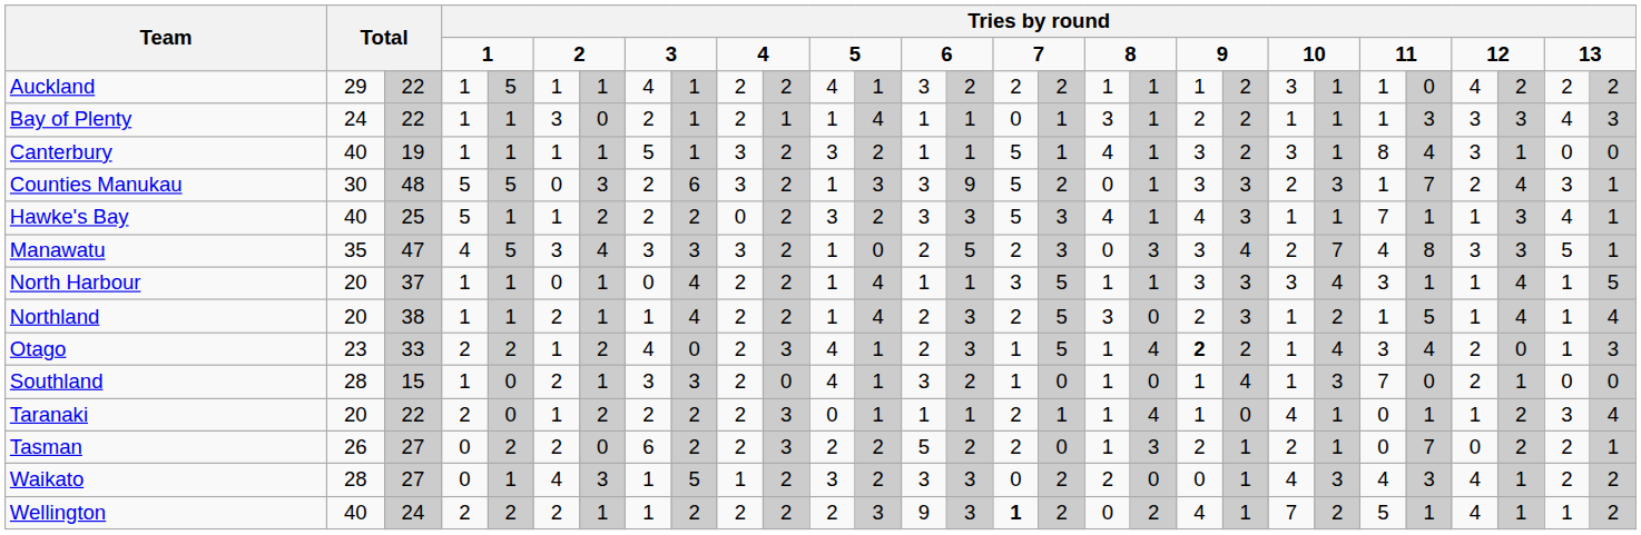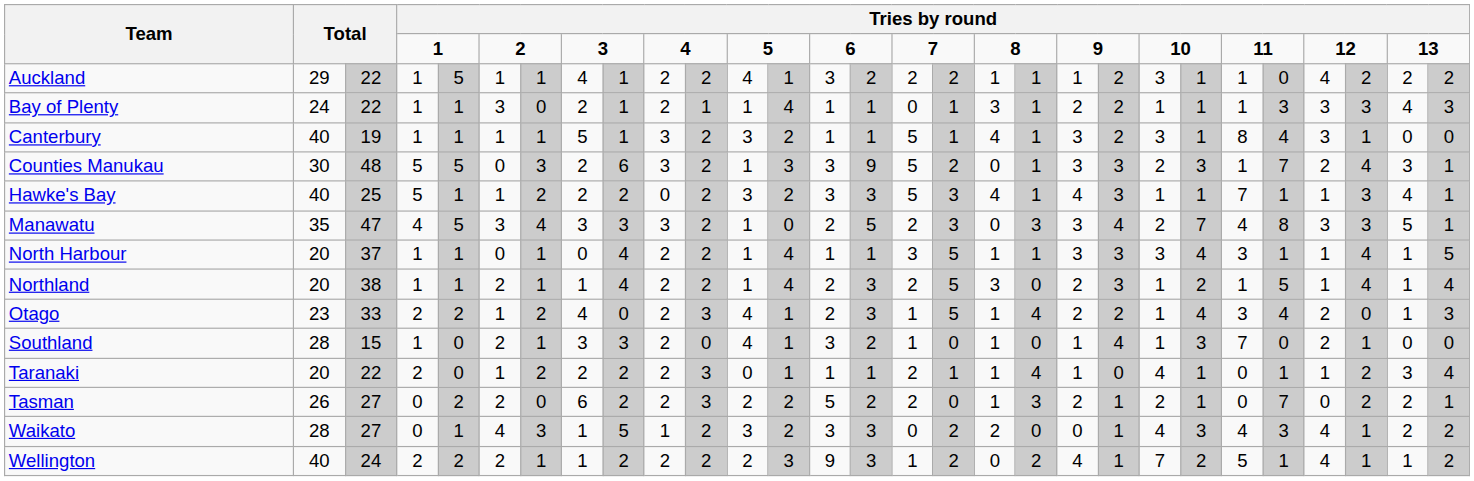 <table class="wikitable" style="text-align:center" width=100%>
 <tr>
 <th rowspan=2 width=14%>Team</th>
 <th rowspan=2 colspan=2 width=5%>Total</th>
 <th colspan=26>Tries by round</th>
 </tr>
 <tr>
 <td width=4% colspan=2><strong>1</strong></td>
 <td width=4% colspan=2><strong>2</strong></td>
 <td width=4% colspan=2><strong>3</strong></td>
 <td width=4% colspan=2><strong>4</strong></td>
 <td width=4% colspan=2><strong>5</strong></td>
 <td width=4% colspan=2><strong>6</strong></td>
 <td width=4% colspan=2><strong>7</strong></td>
 <td width=4% colspan=2><strong>8</strong></td>
 <td width=4% colspan=2><strong>9</strong></td>
 <td width=4% colspan=2><strong>10</strong></td>
 <td width=4% colspan=2><strong>11</strong></td>
 <td width=4% colspan=2><strong>12</strong></td>
 <td width=4% colspan=2><strong>13</strong></td>
 </tr>
 <tr>
 <td align=left><a href='#'>Auckland</a></td>
 <td>29</td>
 <td bgcolor=#cccccc>22</td>
 <td>1</td>
 <td bgcolor=#cccccc>5</td>
 <td>1</td>
 <td bgcolor=#cccccc>1</td>
 <td>4</td>
 <td bgcolor=#cccccc>1</td>
 <td>2</td>
 <td bgcolor=#cccccc>2</td>
 <td>4</td>
 <td bgcolor=#cccccc>1</td>
 <td>3</td>
 <td bgcolor=#cccccc>2</td>
 <td>2</td>
 <td bgcolor=#cccccc>2</td>
 <td>1</td>
 <td bgcolor=#cccccc>1</td>
 <td>1</td>
 <td bgcolor=#cccccc>2</td>
 <td>3</td>
 <td bgcolor=#cccccc>1</td>
 <td>1</td>
 <td bgcolor=#cccccc>0</td>
 <td>4</td>
 <td bgcolor=#cccccc>2</td>
 <td>2</td>
 <td bgcolor=#cccccc>2</td>
 </tr>
 <tr>
 <td align=left><a href='#'>Bay of Plenty</a></td>
 <td>24</td>
 <td bgcolor=#cccccc>22</td>
 <td>1</td>
 <td bgcolor=#cccccc>1</td>
 <td>3</td>
 <td bgcolor=#cccccc>0</td>
 <td>2</td>
 <td bgcolor=#cccccc>1</td>
 <td>2</td>
 <td bgcolor=#cccccc>1</td>
 <td>1</td>
 <td bgcolor=#cccccc>4</td>
 <td>1</td>
 <td bgcolor=#cccccc>1</td>
 <td>0</td>
 <td bgcolor=#cccccc>1</td>
 <td>3</td>
 <td bgcolor=#cccccc>1</td>
 <td>2</td>
 <td bgcolor=#cccccc>2</td>
 <td>1</td>
 <td bgcolor=#cccccc>1</td>
 <td>1</td>
 <td bgcolor=#cccccc>3</td>
 <td>3</td>
 <td bgcolor=#cccccc>3</td>
 <td>4</td>
 <td bgcolor=#cccccc>3</td>
 </tr>
 <tr>
 <td align=left><a href='#'>Canterbury</a></td>
 <td>40</td>
 <td bgcolor=#cccccc>19</td>
 <td>1</td>
 <td bgcolor=#cccccc>1</td>
 <td>1</td>
 <td bgcolor=#cccccc>1</td>
 <td>5</td>
 <td bgcolor=#cccccc>1</td>
 <td>3</td>
 <td bgcolor=#cccccc>2</td>
 <td>3</td>
 <td bgcolor=#cccccc>2</td>
 <td>1</td>
 <td bgcolor=#cccccc>1</td>
 <td>5</td>
 <td bgcolor=#cccccc>1</td>
 <td>4</td>
 <td bgcolor=#cccccc>1</td>
 <td>3</td>
 <td bgcolor=#cccccc>2</td>
 <td>3</td>
 <td bgcolor=#cccccc>1</td>
 <td>8</td>
 <td bgcolor=#cccccc>4</td>
 <td>3</td>
 <td bgcolor=#cccccc>1</td>
 <td>0</td>
 <td bgcolor=#cccccc>0</td>
 </tr>
 <tr>
 <td align=left><a href='#'>Counties Manukau</a></td>
 <td>30</td>
 <td bgcolor=#cccccc>48</td>
 <td>5</td>
 <td bgcolor=#cccccc>5</td>
 <td>0</td>
 <td bgcolor=#cccccc>3</td>
 <td>2</td>
 <td bgcolor=#cccccc>6</td>
 <td>3</td>
 <td bgcolor=#cccccc>2</td>
 <td>1</td>
 <td bgcolor=#cccccc>3</td>
 <td>3</td>
 <td bgcolor=#cccccc>9</td>
 <td>5</td>
 <td bgcolor=#cccccc>2</td>
 <td>0</td>
 <td bgcolor=#cccccc>1</td>
 <td>3</td>
 <td bgcolor=#cccccc>3</td>
 <td>2</td>
 <td bgcolor=#cccccc>3</td>
 <td>1</td>
 <td bgcolor=#cccccc>7</td>
 <td>2</td>
 <td bgcolor=#cccccc>4</td>
 <td>3</td>
 <td bgcolor=#cccccc>1</td>
 </tr>
 <tr>
 <td align=left><a href='#'>Hawke's Bay</a></td>
 <td>40</td>
 <td bgcolor=#cccccc>25</td>
 <td>5</td>
 <td bgcolor=#cccccc>1</td>
 <td>1</td>
 <td bgcolor=#cccccc>2</td>
 <td>2</td>
 <td bgcolor=#cccccc>2</td>
 <td>0</td>
 <td bgcolor=#cccccc>2</td>
 <td>3</td>
 <td bgcolor=#cccccc>2</td>
 <td>3</td>
 <td bgcolor=#cccccc>3</td>
 <td>5</td>
 <td bgcolor=#cccccc>3</td>
 <td>4</td>
 <td bgcolor=#cccccc>1</td>
 <td>4</td>
 <td bgcolor=#cccccc>3</td>
 <td>1</td>
 <td bgcolor=#cccccc>1</td>
 <td>7</td>
 <td bgcolor=#cccccc>1</td>
 <td>1</td>
 <td bgcolor=#cccccc>3</td>
 <td>4</td>
 <td bgcolor=#cccccc>1</td>
 </tr>
 <tr>
 <td align=left><a href='#'>Manawatu</a></td>
 <td>35</td>
 <td bgcolor=#cccccc>47</td>
 <td>4</td>
 <td bgcolor=#cccccc>5</td>
 <td>3</td>
 <td bgcolor=#cccccc>4</td>
 <td>3</td>
 <td bgcolor=#cccccc>3</td>
 <td>3</td>
 <td bgcolor=#cccccc>2</td>
 <td>1</td>
 <td bgcolor=#cccccc>0</td>
 <td>2</td>
 <td bgcolor=#cccccc>5</td>
 <td>2</td>
 <td bgcolor=#cccccc>3</td>
 <td>0</td>
 <td bgcolor=#cccccc>3</td>
 <td>3</td>
 <td bgcolor=#cccccc>4</td>
 <td>2</td>
 <td bgcolor=#cccccc>7</td>
 <td>4</td>
 <td bgcolor=#cccccc>8</td>
 <td>3</td>
 <td bgcolor=#cccccc>3</td>
 <td>5</td>
 <td bgcolor=#cccccc>1</td>
 </tr>
 <tr>
 <td align=left><a href='#'>North Harbour</a></td>
 <td>20</td>
 <td bgcolor=#cccccc>37</td>
 <td>1</td>
 <td bgcolor=#cccccc>1</td>
 <td>0</td>
 <td bgcolor=#cccccc>1</td>
 <td>0</td>
 <td bgcolor=#cccccc>4</td>
 <td>2</td>
 <td bgcolor=#cccccc>2</td>
 <td>1</td>
 <td bgcolor=#cccccc>4</td>
 <td>1</td>
 <td bgcolor=#cccccc>1</td>
 <td>3</td>
 <td bgcolor=#cccccc>5</td>
 <td>1</td>
 <td bgcolor=#cccccc>1</td>
 <td>3</td>
 <td bgcolor=#cccccc>3</td>
 <td>3</td>
 <td bgcolor=#cccccc>4</td>
 <td>3</td>
 <td bgcolor=#cccccc>1</td>
 <td>1</td>
 <td bgcolor=#cccccc>4</td>
 <td>1</td>
 <td bgcolor=#cccccc>5</td>
 </tr>
 <tr>
 <td align=left><a href='#'>Northland</a></td>
 <td>20</td>
 <td bgcolor=#cccccc>38</td>
 <td>1</td>
 <td bgcolor=#cccccc>1</td>
 <td>2</td>
 <td bgcolor=#cccccc>1</td>
 <td>1</td>
 <td bgcolor=#cccccc>4</td>
 <td>2</td>
 <td bgcolor=#cccccc>2</td>
 <td>1</td>
 <td bgcolor=#cccccc>4</td>
 <td>2</td>
 <td bgcolor=#cccccc>3</td>
 <td>2</td>
 <td bgcolor=#cccccc>5</td>
 <td>3</td>
 <td bgcolor=#cccccc>0</td>
 <td>2</td>
 <td bgcolor=#cccccc>3</td>
 <td>1</td>
 <td bgcolor=#cccccc>2</td>
 <td>1</td>
 <td bgcolor=#cccccc>5</td>
 <td>1</td>
 <td bgcolor=#cccccc>4</td>
 <td>1</td>
 <td bgcolor=#cccccc>4</td>
 </tr>
 <tr>
 <td align=left><a href='#'>Otago</a></td>
 <td>23</td>
 <td bgcolor=#cccccc>33</td>
 <td>2</td>
 <td bgcolor=#cccccc>2</td>
 <td>1</td>
 <td bgcolor=#cccccc>2</td>
 <td>4</td>
 <td bgcolor=#cccccc>0</td>
 <td>2</td>
 <td bgcolor=#cccccc>3</td>
 <td>4</td>
 <td bgcolor=#cccccc>1</td>
 <td>2</td>
 <td bgcolor=#cccccc>3</td>
 <td>1</td>
 <td bgcolor=#cccccc>5</td>
 <td>1</td>
 <td bgcolor=#cccccc>4</td>
-<td><strong>2</strong></td>
+<td>2</td>
 <td bgcolor=#cccccc>2</td>
 <td>1</td>
 <td bgcolor=#cccccc>4</td>
 <td>3</td>
 <td bgcolor=#cccccc>4</td>
 <td>2</td>
 <td bgcolor=#cccccc>0</td>
 <td>1</td>
 <td bgcolor=#cccccc>3</td>
 </tr>
 <tr>
 <td align=left><a href='#'>Southland</a></td>
 <td>28</td>
 <td bgcolor=#cccccc>15</td>
 <td>1</td>
 <td bgcolor=#cccccc>0</td>
 <td>2</td>
 <td bgcolor=#cccccc>1</td>
 <td>3</td>
 <td bgcolor=#cccccc>3</td>
 <td>2</td>
 <td bgcolor=#cccccc>0</td>
 <td>4</td>
 <td bgcolor=#cccccc>1</td>
 <td>3</td>
 <td bgcolor=#cccccc>2</td>
 <td>1</td>
 <td bgcolor=#cccccc>0</td>
 <td>1</td>
 <td bgcolor=#cccccc>0</td>
 <td>1</td>
 <td bgcolor=#cccccc>4</td>
 <td>1</td>
 <td bgcolor=#cccccc>3</td>
 <td>7</td>
 <td bgcolor=#cccccc>0</td>
 <td>2</td>
 <td bgcolor=#cccccc>1</td>
 <td>0</td>
 <td bgcolor=#cccccc>0</td>
 </tr>
 <tr>
 <td align=left><a href='#'>Taranaki</a></td>
 <td>20</td>
 <td bgcolor=#cccccc>22</td>
 <td>2</td>
 <td bgcolor=#cccccc>0</td>
 <td>1</td>
 <td bgcolor=#cccccc>2</td>
 <td>2</td>
 <td bgcolor=#cccccc>2</td>
 <td>2</td>
 <td bgcolor=#cccccc>3</td>
 <td>0</td>
 <td bgcolor=#cccccc>1</td>
 <td>1</td>
 <td bgcolor=#cccccc>1</td>
 <td>2</td>
 <td bgcolor=#cccccc>1</td>
 <td>1</td>
 <td bgcolor=#cccccc>4</td>
 <td>1</td>
 <td bgcolor=#cccccc>0</td>
 <td>4</td>
 <td bgcolor=#cccccc>1</td>
 <td>0</td>
 <td bgcolor=#cccccc>1</td>
 <td>1</td>
 <td bgcolor=#cccccc>2</td>
 <td>3</td>
 <td bgcolor=#cccccc>4</td>
 </tr>
 <tr>
 <td align=left><a href='#'>Tasman</a></td>
 <td>26</td>
 <td bgcolor=#cccccc>27</td>
 <td>0</td>
 <td bgcolor=#cccccc>2</td>
 <td>2</td>
 <td bgcolor=#cccccc>0</td>
 <td>6</td>
 <td bgcolor=#cccccc>2</td>
 <td>2</td>
 <td bgcolor=#cccccc>3</td>
 <td>2</td>
 <td bgcolor=#cccccc>2</td>
 <td>5</td>
 <td bgcolor=#cccccc>2</td>
 <td>2</td>
 <td bgcolor=#cccccc>0</td>
 <td>1</td>
 <td bgcolor=#cccccc>3</td>
 <td>2</td>
 <td bgcolor=#cccccc>1</td>
 <td>2</td>
 <td bgcolor=#cccccc>1</td>
 <td>0</td>
 <td bgcolor=#cccccc>7</td>
 <td>0</td>
 <td bgcolor=#cccccc>2</td>
 <td>2</td>
 <td bgcolor=#cccccc>1</td>
 </tr>
 <tr>
 <td align=left><a href='#'>Waikato</a></td>
 <td>28</td>
 <td bgcolor=#cccccc>27</td>
 <td>0</td>
 <td bgcolor=#cccccc>1</td>
 <td>4</td>
 <td bgcolor=#cccccc>3</td>
 <td>1</td>
 <td bgcolor=#cccccc>5</td>
 <td>1</td>
 <td bgcolor=#cccccc>2</td>
 <td>3</td>
 <td bgcolor=#cccccc>2</td>
 <td>3</td>
 <td bgcolor=#cccccc>3</td>
 <td>0</td>
 <td bgcolor=#cccccc>2</td>
 <td>2</td>
 <td bgcolor=#cccccc>0</td>
 <td>0</td>
 <td bgcolor=#cccccc>1</td>
 <td>4</td>
 <td bgcolor=#cccccc>3</td>
 <td>4</td>
 <td bgcolor=#cccccc>3</td>
 <td>4</td>
 <td bgcolor=#cccccc>1</td>
 <td>2</td>
 <td bgcolor=#cccccc>2</td>
 </tr>
 <tr>
 <td align=left><a href='#'>Wellington</a></td>
 <td>40</td>
 <td bgcolor=#cccccc>24</td>
 <td>2</td>
 <td bgcolor=#cccccc>2</td>
 <td>2</td>
 <td bgcolor=#cccccc>1</td>
 <td>1</td>
 <td bgcolor=#cccccc>2</td>
 <td>2</td>
 <td bgcolor=#cccccc>2</td>
 <td>2</td>
 <td bgcolor=#cccccc>3</td>
 <td>9</td>
 <td bgcolor=#cccccc>3</td>
-<td><strong>1</strong></td>
+<td>1</td>
 <td bgcolor=#cccccc>2</td>
 <td>0</td>
 <td bgcolor=#cccccc>2</td>
 <td>4</td>
 <td bgcolor=#cccccc>1</td>
 <td>7</td>
 <td bgcolor=#cccccc>2</td>
 <td>5</td>
 <td bgcolor=#cccccc>1</td>
 <td>4</td>
 <td bgcolor=#cccccc>1</td>
 <td>1</td>
 <td bgcolor=#cccccc>2</td>
 </tr>
 </table>
